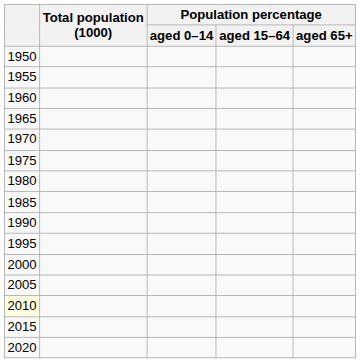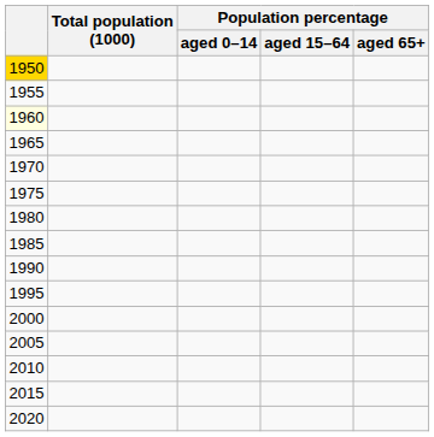 <table class="wikitable" style="text-align: right;">
 <tr>
 <th rowspan=2></th>
 <th rowspan=2>Total population<br>(1000)</th>
 <th colspan=3>Population percentage</th>
 </tr>
 <tr>
 <th>aged 0–14</th>
 <th>aged 15–64</th>
 <th>aged 65+</th>
 </tr>
 <tr>
-<td>1950</td>
+<td style="background: gold;">1950</td>
 <td></td>
 <td></td>
 <td></td>
 <td></td>
 </tr>
 <tr>
 <td>1955</td>
 <td></td>
 <td></td>
 <td></td>
 <td></td>
 </tr>
 <tr>
-<td>1960</td>
+<td style="background: lightyellow;">1960</td>
 <td></td>
 <td></td>
 <td></td>
 <td></td>
 </tr>
 <tr>
 <td>1965</td>
 <td></td>
 <td></td>
 <td></td>
 <td></td>
 </tr>
 <tr>
 <td>1970</td>
 <td></td>
 <td></td>
 <td></td>
 <td></td>
 </tr>
 <tr>
 <td>1975</td>
 <td></td>
 <td></td>
 <td></td>
 <td></td>
 </tr>
 <tr>
 <td>1980</td>
 <td></td>
 <td></td>
 <td></td>
 <td></td>
 </tr>
 <tr>
 <td>1985</td>
 <td></td>
 <td></td>
 <td></td>
 <td></td>
 </tr>
 <tr>
 <td>1990</td>
 <td></td>
 <td></td>
 <td></td>
 <td></td>
 </tr>
 <tr>
 <td>1995</td>
 <td></td>
 <td></td>
 <td></td>
 <td></td>
 </tr>
 <tr>
 <td>2000</td>
 <td></td>
 <td></td>
 <td></td>
 <td></td>
 </tr>
 <tr>
 <td>2005</td>
 <td></td>
 <td></td>
 <td></td>
 <td></td>
 </tr>
 <tr>
-<td style="background: lightyellow;">2010</td>
+<td>2010</td>
 <td></td>
 <td></td>
 <td></td>
 <td></td>
 </tr>
 <tr>
 <td>2015</td>
 <td></td>
 <td></td>
 <td></td>
 <td></td>
 </tr>
 <tr>
 <td>2020</td>
 <td></td>
 <td></td>
 <td></td>
 <td></td>
 </tr>
 </table>
